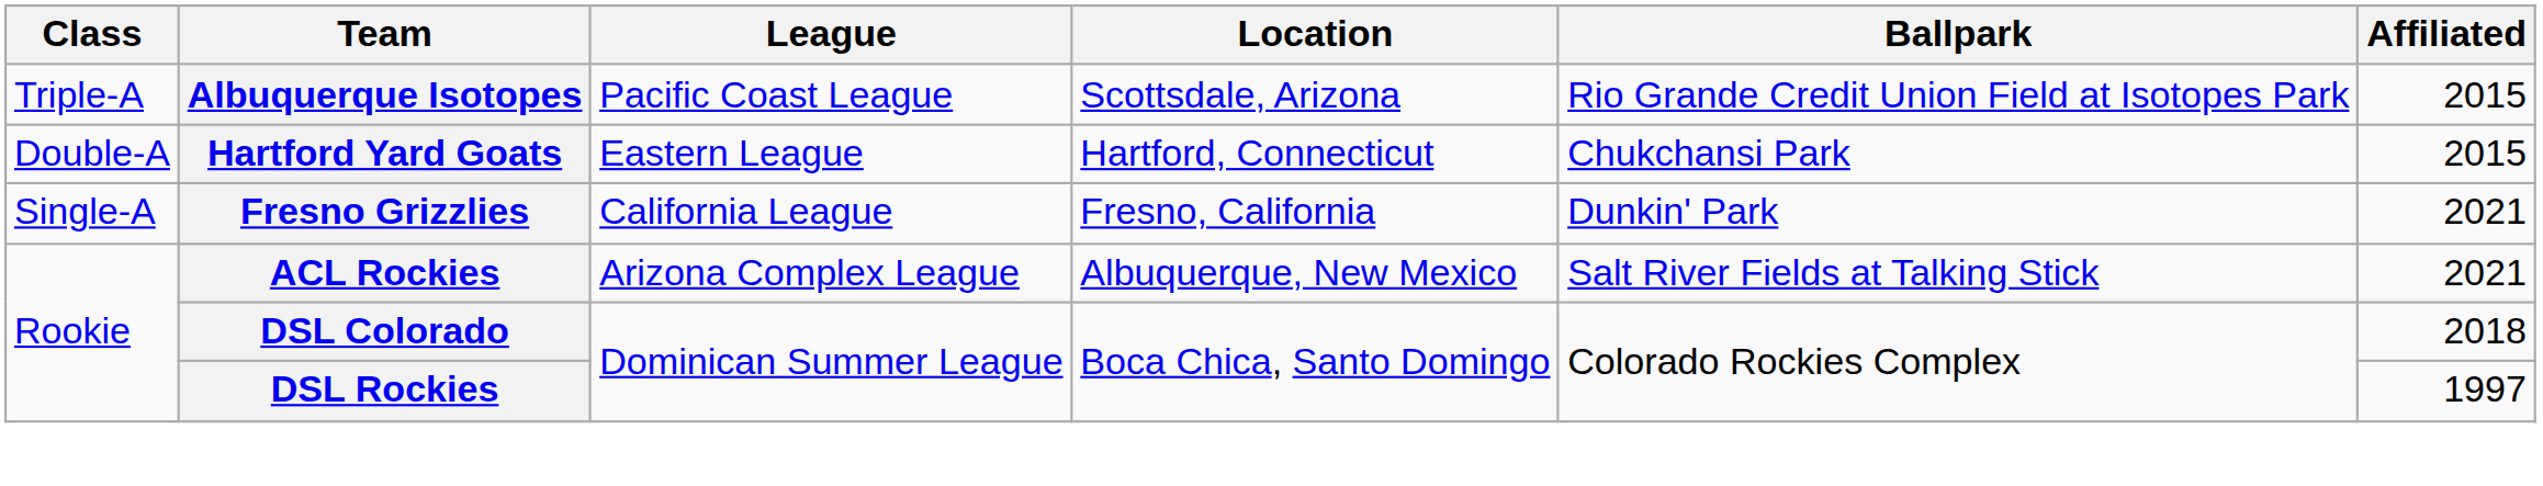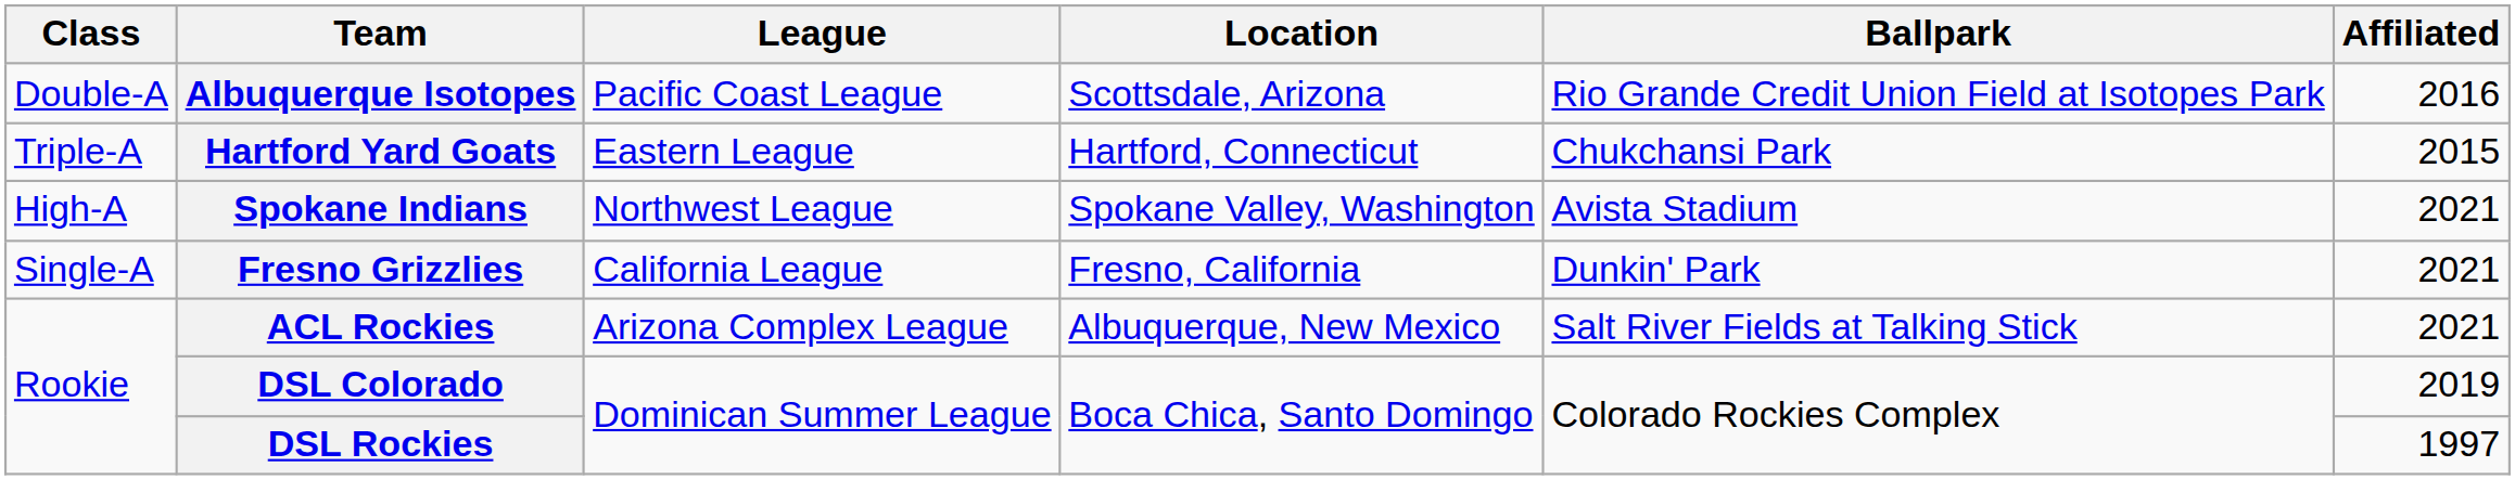 <table class="wikitable plainrowheaders sortable">
 <tr>
 <th scope="col">Class</th>
 <th scope="col">Team</th>
 <th scope="col">League</th>
 <th scope="col">Location</th>
 <th scope="col">Ballpark</th>
 <th scope="col">Affiliated</th>
 </tr>
 <tr>
-<td><a href='#'>Triple-A</a></td>
+<td><a href='#'>Double-A</a></td>
 <th scope="row"><a href='#'>Albuquerque Isotopes</a></th>
 <td><a href='#'>Pacific Coast League</a></td>
 <td><a href='#'>Scottsdale, Arizona</a></td>
 <td><a href='#'>Rio Grande Credit Union Field at Isotopes Park</a></td>
-<td align="right">2015</td>
+<td align="right">2016</td>
 </tr>
 <tr>
-<td><a href='#'>Double-A</a></td>
+<td><a href='#'>Triple-A</a></td>
 <th scope="row"><a href='#'>Hartford Yard Goats</a></th>
 <td><a href='#'>Eastern League</a></td>
 <td><a href='#'>Hartford, Connecticut</a></td>
 <td><a href='#'>Chukchansi Park</a></td>
 <td align="right">2015</td>
+</tr>
+<tr>
+<td><a href='#'>High-A</a></td>
+<th scope="row"><a href='#'>Spokane Indians</a></th>
+<td><a href='#'>Northwest League</a></td>
+<td><a href='#'>Spokane Valley, Washington</a></td>
+<td><a href='#'>Avista Stadium</a></td>
+<td align="right">2021</td>
 </tr>
 <tr>
 <td><a href='#'>Single-A</a></td>
 <th scope="row"><a href='#'>Fresno Grizzlies</a></th>
 <td><a href='#'>California League</a></td>
 <td><a href='#'>Fresno, California</a></td>
 <td><a href='#'>Dunkin' Park</a></td>
 <td align="right">2021</td>
 </tr>
 <tr>
 <td rowspan=3><a href='#'>Rookie</a></td>
 <th scope="row"><a href='#'>ACL Rockies</a></th>
 <td><a href='#'>Arizona Complex League</a></td>
 <td><a href='#'>Albuquerque, New Mexico</a></td>
 <td><a href='#'>Salt River Fields at Talking Stick</a></td>
 <td align="right">2021</td>
 </tr>
 <tr>
 <th scope="row"><a href='#'>DSL Colorado</a></th>
 <td rowspan=2><a href='#'>Dominican Summer League</a></td>
 <td rowspan=2><a href='#'>Boca Chica</a>, <a href='#'>Santo Domingo</a></td>
 <td rowspan=2>Colorado Rockies Complex</td>
-<td align="right">2018</td>
+<td align="right">2019</td>
 </tr>
 <tr>
 <th scope="row"><a href='#'>DSL Rockies</a></th>
 <td align="right">1997</td>
 </tr>
 </table>
